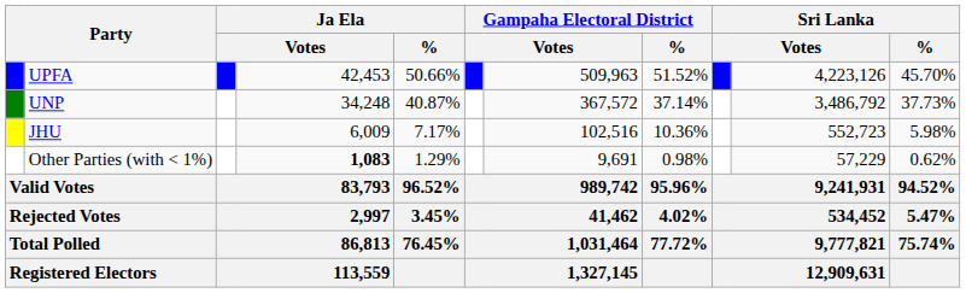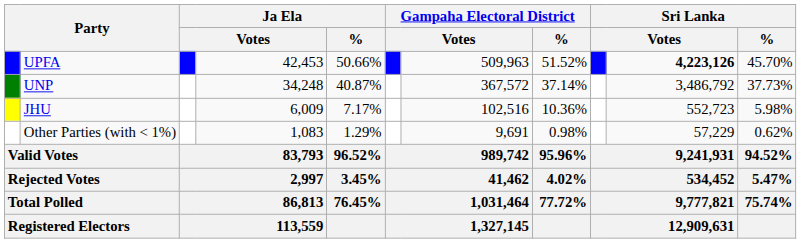 <table class="wikitable">
 <tr>
 <th colspan="2" width="144px"rowspan="2">Party</th>
 <th colspan="3" width="216px">Ja Ela</th>
 <th colspan="3" width="216px"><a href='#'>Gampaha Electoral District</a></th>
 <th colspan="3" width="216px">Sri Lanka</th>
 </tr>
 <tr>
 <th colspan="2" width="144px">Votes</th>
 <th>%</th>
 <th colspan="2" width="144px">Votes</th>
 <th>%</th>
 <th colspan="2" width="144px">Votes</th>
 <th>%</th>
 </tr>
 <tr>
 <td style="background-color:blue;" width="10px"></td>
 <td style="text-align:left;"><a href='#'>UPFA</a></td>
 <td style="background-color:blue;" width="10px"></td>
 <td style="text-align:right;">42,453</td>
 <td style="text-align:right;">50.66%</td>
 <td style="background-color:blue;" width="10px"></td>
 <td style="text-align:right;">509,963</td>
 <td style="text-align:right;">51.52%</td>
 <td style="background-color:blue;" width="10px"></td>
-<td style="text-align:right;">4,223,126</td>
+<td style="text-align:right;"><strong>4,223,126</strong></td>
 <td style="text-align:right;">45.70%</td>
 </tr>
 <tr>
 <td style="background-color:green;" width="10px"></td>
 <td style="text-align:left;"><a href='#'>UNP</a></td>
 <td style="background-color:white;" width="10px"></td>
 <td style="text-align:right;">34,248</td>
 <td style="text-align:right;">40.87%</td>
 <td style="background-color:white;" width="10px"></td>
 <td style="text-align:right;">367,572</td>
 <td style="text-align:right;">37.14%</td>
 <td style="background-color:white;" width="10px"></td>
 <td style="text-align:right;">3,486,792</td>
 <td style="text-align:right;">37.73%</td>
 </tr>
 <tr>
 <td style="background-color:yellow;" width="10px"></td>
 <td style="text-align:left;"><a href='#'>JHU</a></td>
 <td style="background-color:white;" width="10px"></td>
 <td style="text-align:right;">6,009</td>
 <td style="text-align:right;">7.17%</td>
 <td style="background-color:white;" width="10px"></td>
 <td style="text-align:right;">102,516</td>
 <td style="text-align:right;">10.36%</td>
 <td style="background-color:white;" width="10px"></td>
 <td style="text-align:right;">552,723</td>
 <td style="text-align:right;">5.98%</td>
 </tr>
 <tr>
 <td style="background-color:white;" width="10px"></td>
 <td style="text-align:left;">Other Parties (with < 1%)</td>
 <td style="background-color:white;" width="10px"></td>
-<td style="text-align:right;"><strong>1,083</strong></td>
+<td style="text-align:right;">1,083</td>
 <td style="text-align:right;">1.29%</td>
 <td style="background-color:white;" width="10px"></td>
 <td style="text-align:right;">9,691</td>
 <td style="text-align:right;">0.98%</td>
 <td style="background-color:white;" width="10px"></td>
 <td style="text-align:right;">57,229</td>
 <td style="text-align:right;">0.62%</td>
 </tr>
 <tr>
 <th colspan="2" width="144px"style="text-align:left;">Valid Votes</th>
 <th style="text-align:right;"colspan="2" width="144px">83,793</th>
 <th style="text-align:right;">96.52%</th>
 <th style="text-align:right;"colspan="2" width="144px">989,742</th>
 <th style="text-align:right;">95.96%</th>
 <th style="text-align:right;"colspan="2" width="144px">9,241,931</th>
 <th style="text-align:right;">94.52%</th>
 </tr>
 <tr>
 <th colspan="2" width="144px"style="text-align:left;">Rejected Votes</th>
 <th style="text-align:right;"colspan="2" width="144px">2,997</th>
 <th style="text-align:right;">3.45%</th>
 <th style="text-align:right;"colspan="2" width="144px">41,462</th>
 <th style="text-align:right;">4.02%</th>
 <th style="text-align:right;"colspan="2" width="144px">534,452</th>
 <th style="text-align:right;">5.47%</th>
 </tr>
 <tr>
 <th colspan="2" width="144px"style="text-align:left;">Total Polled</th>
 <th style="text-align:right;"colspan="2" width="144px">86,813</th>
 <th style="text-align:right;">76.45%</th>
 <th style="text-align:right;"colspan="2" width="144px">1,031,464</th>
 <th style="text-align:right;">77.72%</th>
 <th style="text-align:right;"colspan="2" width="144px">9,777,821</th>
 <th style="text-align:right;">75.74%</th>
 </tr>
 <tr>
 <th colspan="2" width="144px"style="text-align:left;">Registered Electors</th>
 <th style="text-align:right;"colspan="2" width="144px">113,559</th>
 <th></th>
 <th style="text-align:right;"colspan="2" width="144px">1,327,145</th>
 <th></th>
 <th style="text-align:right;"colspan="2" width="144px">12,909,631</th>
 <th></th>
 </tr>
 </table>
